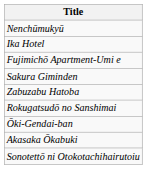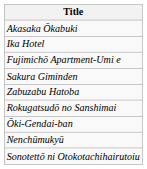 <table class="wikitable">
 <tr>
 <th>Title</th>
 </tr>
 <tr>
-<td><em>Nenchūmukyū</em></td>
+<td><em>Akasaka Ōkabuki</em></td>
 </tr>
 <tr>
 <td><em>Ika Hotel</em></td>
 </tr>
 <tr>
 <td><em>Fujimichō Apartment-Umi e</em></td>
 </tr>
 <tr>
 <td><em>Sakura Giminden</em></td>
 </tr>
 <tr>
 <td><em>Zabuzabu Hatoba</em></td>
 </tr>
 <tr>
 <td><em>Rokugatsudō no Sanshimai</em></td>
 </tr>
 <tr>
 <td><em>Ōki-Gendai-ban</em></td>
 </tr>
 <tr>
-<td><em>Akasaka Ōkabuki</em></td>
+<td><em>Nenchūmukyū</em></td>
 </tr>
 <tr>
 <td><em>Sonotettō ni Otokotachihairutoiu</em></td>
 </tr>
 </table>
